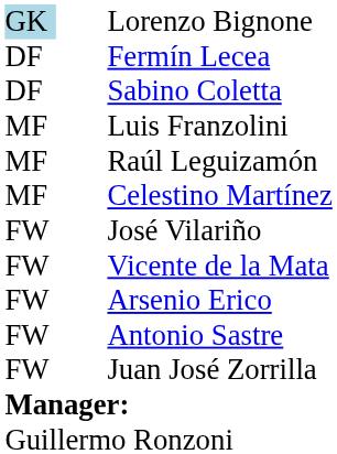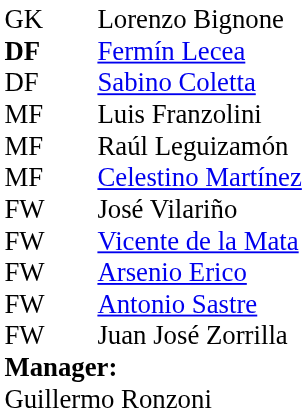 <table style="font-size:90%; margin:0.2em auto;" cellspacing="0" cellpadding="0">
 <tr>
 <th width="25"></th>
 <th width="25"></th>
 </tr>
 <tr>
-<td style="background: lightblue;">GK</td>
+<td>GK</td>
 <td></td>
 <td> Lorenzo Bignone</td>
 </tr>
 <tr>
-<td>DF</td>
+<td><strong>DF</strong></td>
 <td></td>
 <td> <a href='#'>Fermín Lecea</a></td>
 </tr>
 <tr>
 <td>DF</td>
 <td></td>
 <td> <a href='#'>Sabino Coletta</a></td>
 </tr>
 <tr>
 <td>MF</td>
 <td></td>
 <td> Luis Franzolini</td>
 </tr>
 <tr>
 <td>MF</td>
 <td></td>
 <td> Raúl Leguizamón</td>
 </tr>
 <tr>
 <td>MF</td>
 <td></td>
 <td> <a href='#'>Celestino Martínez</a></td>
 </tr>
 <tr>
 <td>FW</td>
 <td></td>
 <td> José Vilariño</td>
 </tr>
 <tr>
 <td>FW</td>
 <td></td>
 <td> <a href='#'>Vicente de la Mata</a></td>
 </tr>
 <tr>
 <td>FW</td>
 <td></td>
 <td> <a href='#'>Arsenio Erico</a></td>
 </tr>
 <tr>
 <td>FW</td>
 <td></td>
 <td> <a href='#'>Antonio Sastre</a></td>
 </tr>
 <tr>
 <td>FW</td>
 <td></td>
 <td> Juan José Zorrilla</td>
 </tr>
 <tr>
 <td colspan=3><strong>Manager:</strong></td>
 </tr>
 <tr>
 <td colspan=4> Guillermo Ronzoni</td>
 </tr>
 </table>
